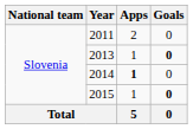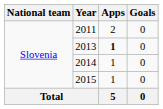 <table class="wikitable" style="text-align:center">
 <tr>
 <th>National team</th>
 <th>Year</th>
 <th>Apps</th>
 <th>Goals</th>
 </tr>
 <tr>
 <td rowspan="4"><a href='#'>Slovenia</a></td>
 <td>2011</td>
 <td>2</td>
 <td>0</td>
 </tr>
 <tr>
 <td>2013</td>
-<td>1</td>
-<td><strong>0</strong></td>
+<td><strong>1</strong></td>
+<td>0</td>
 </tr>
 <tr>
 <td>2014</td>
-<td><strong>1</strong></td>
+<td>1</td>
 <td>0</td>
 </tr>
 <tr>
 <td>2015</td>
 <td>1</td>
-<td><strong>0</strong></td>
+<td>0</td>
 </tr>
 <tr>
 <th colspan="2">Total</th>
 <th>5</th>
 <th>0</th>
 </tr>
 </table>
